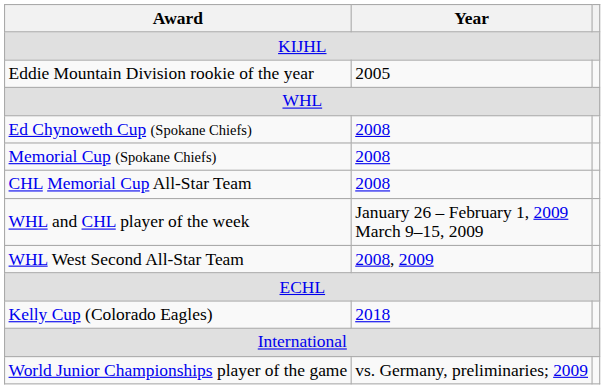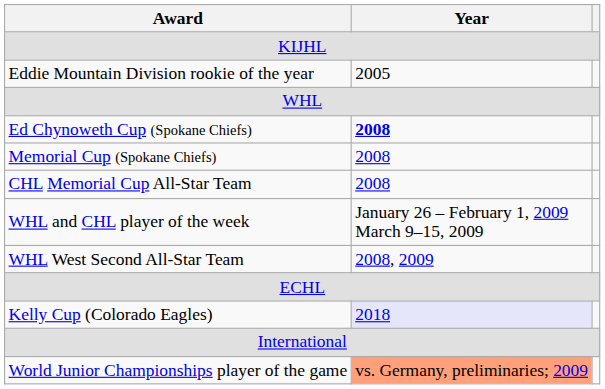 <table class="wikitable">
 <tr>
 <th>Award</th>
 <th>Year</th>
 <th></th>
 </tr>
 <tr ALIGN="center" bgcolor="#e0e0e0">
 <td colspan="3"><a href='#'>KIJHL</a></td>
 </tr>
 <tr>
 <td>Eddie Mountain Division rookie of the year</td>
 <td>2005</td>
 <td></td>
 </tr>
 <tr ALIGN="center" bgcolor="#e0e0e0">
 <td colspan="3"><a href='#'>WHL</a></td>
 </tr>
 <tr>
 <td><a href='#'>Ed Chynoweth Cup</a> <small>(Spokane Chiefs)</small></td>
-<td><a href='#'>2008</a></td>
+<td><strong><a href='#'>2008</a></strong></td>
 <td></td>
 </tr>
 <tr>
 <td><a href='#'>Memorial Cup</a> <small>(Spokane Chiefs)</small></td>
 <td><a href='#'>2008</a></td>
 <td></td>
 </tr>
 <tr>
 <td><a href='#'>CHL</a> <a href='#'>Memorial Cup</a> All-Star Team</td>
 <td><a href='#'>2008</a></td>
 <td></td>
 </tr>
 <tr>
 <td><a href='#'>WHL</a> and <a href='#'>CHL</a> player of the week</td>
 <td>January 26 – February 1, <a href='#'>2009</a><br>March 9–15, 2009</td>
 <td><br></td>
 </tr>
 <tr>
 <td><a href='#'>WHL</a> West Second All-Star Team</td>
 <td><a href='#'>2008</a>, <a href='#'>2009</a></td>
 <td></td>
 </tr>
 <tr ALIGN="center" bgcolor="#e0e0e0">
 <td colspan="3"><a href='#'>ECHL</a></td>
 </tr>
 <tr>
 <td><a href='#'>Kelly Cup</a> (Colorado Eagles)</td>
-<td><a href='#'>2018</a></td>
+<td style="background: lavender;"><a href='#'>2018</a></td>
 <td></td>
 </tr>
 <tr ALIGN="center" bgcolor="#e0e0e0">
 <td colspan="3"><a href='#'>International</a></td>
 </tr>
 <tr>
 <td><a href='#'>World Junior Championships</a> player of the game</td>
-<td>vs. Germany, preliminaries; <a href='#'>2009</a></td>
+<td style="background: lightsalmon;">vs. Germany, preliminaries; <a href='#'>2009</a></td>
 <td></td>
 </tr>
 </table>
